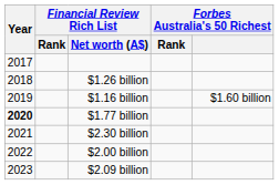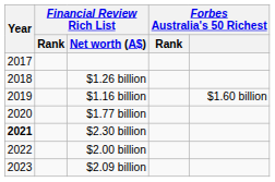 <table class="wikitable">
 <tr>
 <th rowspan=2>Year</th>
 <th colspan=2><em><a href='#'>Financial Review</a></em><br><a href='#'>Rich List</a></th>
 <th colspan=2><em><a href='#'>Forbes</a></em><br><a href='#'>Australia's 50 Richest</a></th>
 </tr>
 <tr>
 <th>Rank</th>
 <th><a href='#'>Net worth</a> (<a href='#'>A$</a>)</th>
 <th>Rank</th>
 <th></th>
 </tr>
 <tr>
 <td>2017</td>
 <td align="center"></td>
 <td align="right"></td>
 <td align="center"></td>
 <td align="right"></td>
 </tr>
 <tr>
 <td>2018</td>
 <td align="center"></td>
 <td align="right">$1.26 billion </td>
 <td align="center"></td>
 <td align="right"></td>
 </tr>
 <tr>
 <td>2019</td>
 <td align="center"></td>
 <td align="right">$1.16 billion </td>
 <td align="center"></td>
 <td align="right">$1.60 billion</td>
 </tr>
 <tr>
-<td><strong>2020</strong></td>
+<td>2020</td>
 <td align="center"></td>
 <td align="right">$1.77 billion </td>
 <td align="center"></td>
 <td align="right"></td>
 </tr>
 <tr>
-<td>2021</td>
+<td><strong>2021</strong></td>
 <td align="center"></td>
 <td align="right">$2.30 billion </td>
 <td align="center"></td>
 <td align="right"></td>
 </tr>
 <tr>
 <td>2022</td>
 <td align="center"></td>
 <td align="right">$2.00 billion </td>
 <td align="center"></td>
 <td align="right"></td>
 </tr>
 <tr>
 <td>2023</td>
 <td align="center"></td>
 <td align="right">$2.09 billion </td>
 <td align="center"></td>
 <td align="right"></td>
 </tr>
 </table>
